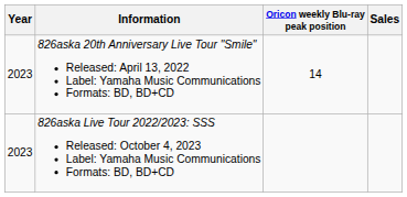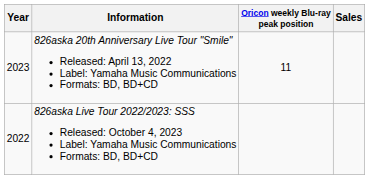 <table class="wikitable">
 <tr>
 <th>Year</th>
 <th>Information</th>
 <th><small><a href='#'>Oricon</a> weekly Blu-ray<br>peak position</small></th>
 <th>Sales<br></th>
 </tr>
 <tr>
 <td>2023</td>
 <td><em>826aska 20th Anniversary Live Tour "Smile"</em><br><ul><li>Released: April 13, 2022</li><li>Label: Yamaha Music Communications</li><li>Formats: BD, BD+CD</li></ul></td>
-<td style="text-align:center;">14</td>
+<td style="text-align:center;">11</td>
 <td align="left"></td>
 </tr>
 <tr>
-<td>2023</td>
+<td>2022</td>
 <td><em>826aska Live Tour 2022/2023: SSS</em><br><ul><li>Released: October 4, 2023</li><li>Label: Yamaha Music Communications</li><li>Formats: BD, BD+CD</li></ul></td>
 <td style="text-align:center;"></td>
 <td align="left"></td>
 </tr>
 </table>
